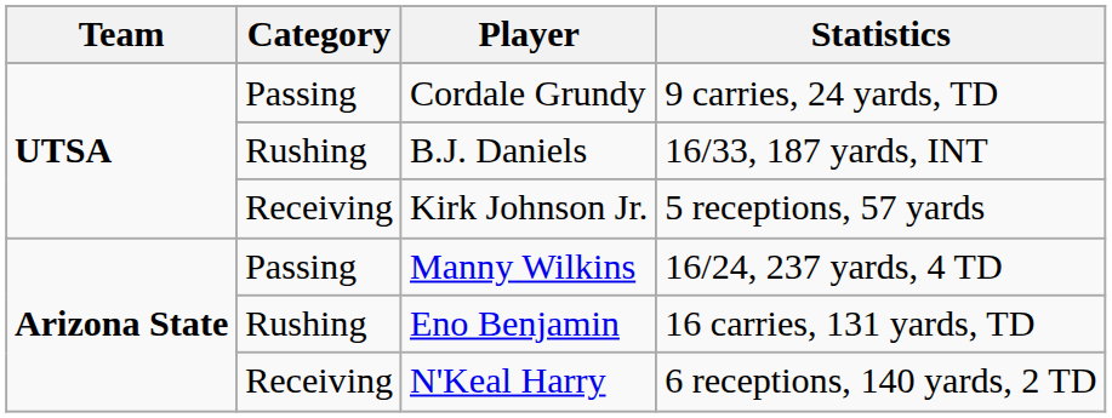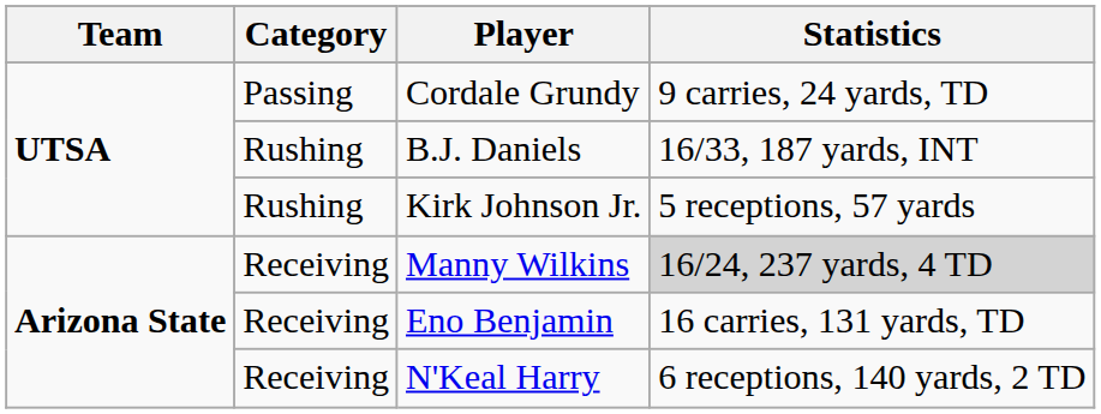 <table class="wikitable" style="float: right;">
 <tr>
 <th>Team</th>
 <th>Category</th>
 <th>Player</th>
 <th>Statistics</th>
 </tr>
 <tr>
 <td rowspan=3><strong>UTSA</strong></td>
 <td>Passing</td>
 <td>Cordale Grundy</td>
 <td>9 carries, 24 yards, TD</td>
 </tr>
 <tr>
 <td>Rushing</td>
 <td>B.J. Daniels</td>
 <td>16/33, 187 yards, INT</td>
 </tr>
 <tr>
-<td>Receiving</td>
+<td>Rushing</td>
 <td>Kirk Johnson Jr.</td>
 <td>5 receptions, 57 yards</td>
 </tr>
 <tr>
 <td rowspan=3><strong>Arizona State</strong></td>
-<td>Passing</td>
+<td>Receiving</td>
 <td><a href='#'>Manny Wilkins</a></td>
-<td>16/24, 237 yards, 4 TD</td>
+<td style="background: lightgrey;">16/24, 237 yards, 4 TD</td>
 </tr>
 <tr>
-<td>Rushing</td>
+<td>Receiving</td>
 <td><a href='#'>Eno Benjamin</a></td>
 <td>16 carries, 131 yards, TD</td>
 </tr>
 <tr>
 <td>Receiving</td>
 <td><a href='#'>N'Keal Harry</a></td>
 <td>6 receptions, 140 yards, 2 TD</td>
 </tr>
 </table>
